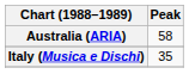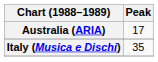 <table class="wikitable plainrowheaders sortable" style="text-align:center">
 <tr>
 <th scope="col">Chart (1988–1989)</th>
 <th scope="col">Peak</th>
 </tr>
 <tr>
 <th scope="row">Australia (<a href='#'>ARIA</a>)</th>
-<td>58</td>
+<td>17</td>
 </tr>
 <tr>
 </tr>
 <tr>
 <th scope="row">Italy (<em><a href='#'>Musica e Dischi</a></em>)</th>
 <td>35</td>
 </tr>
 <tr>
 </tr>
 <tr>
 </tr>
 <tr>
 </tr>
 </table>
